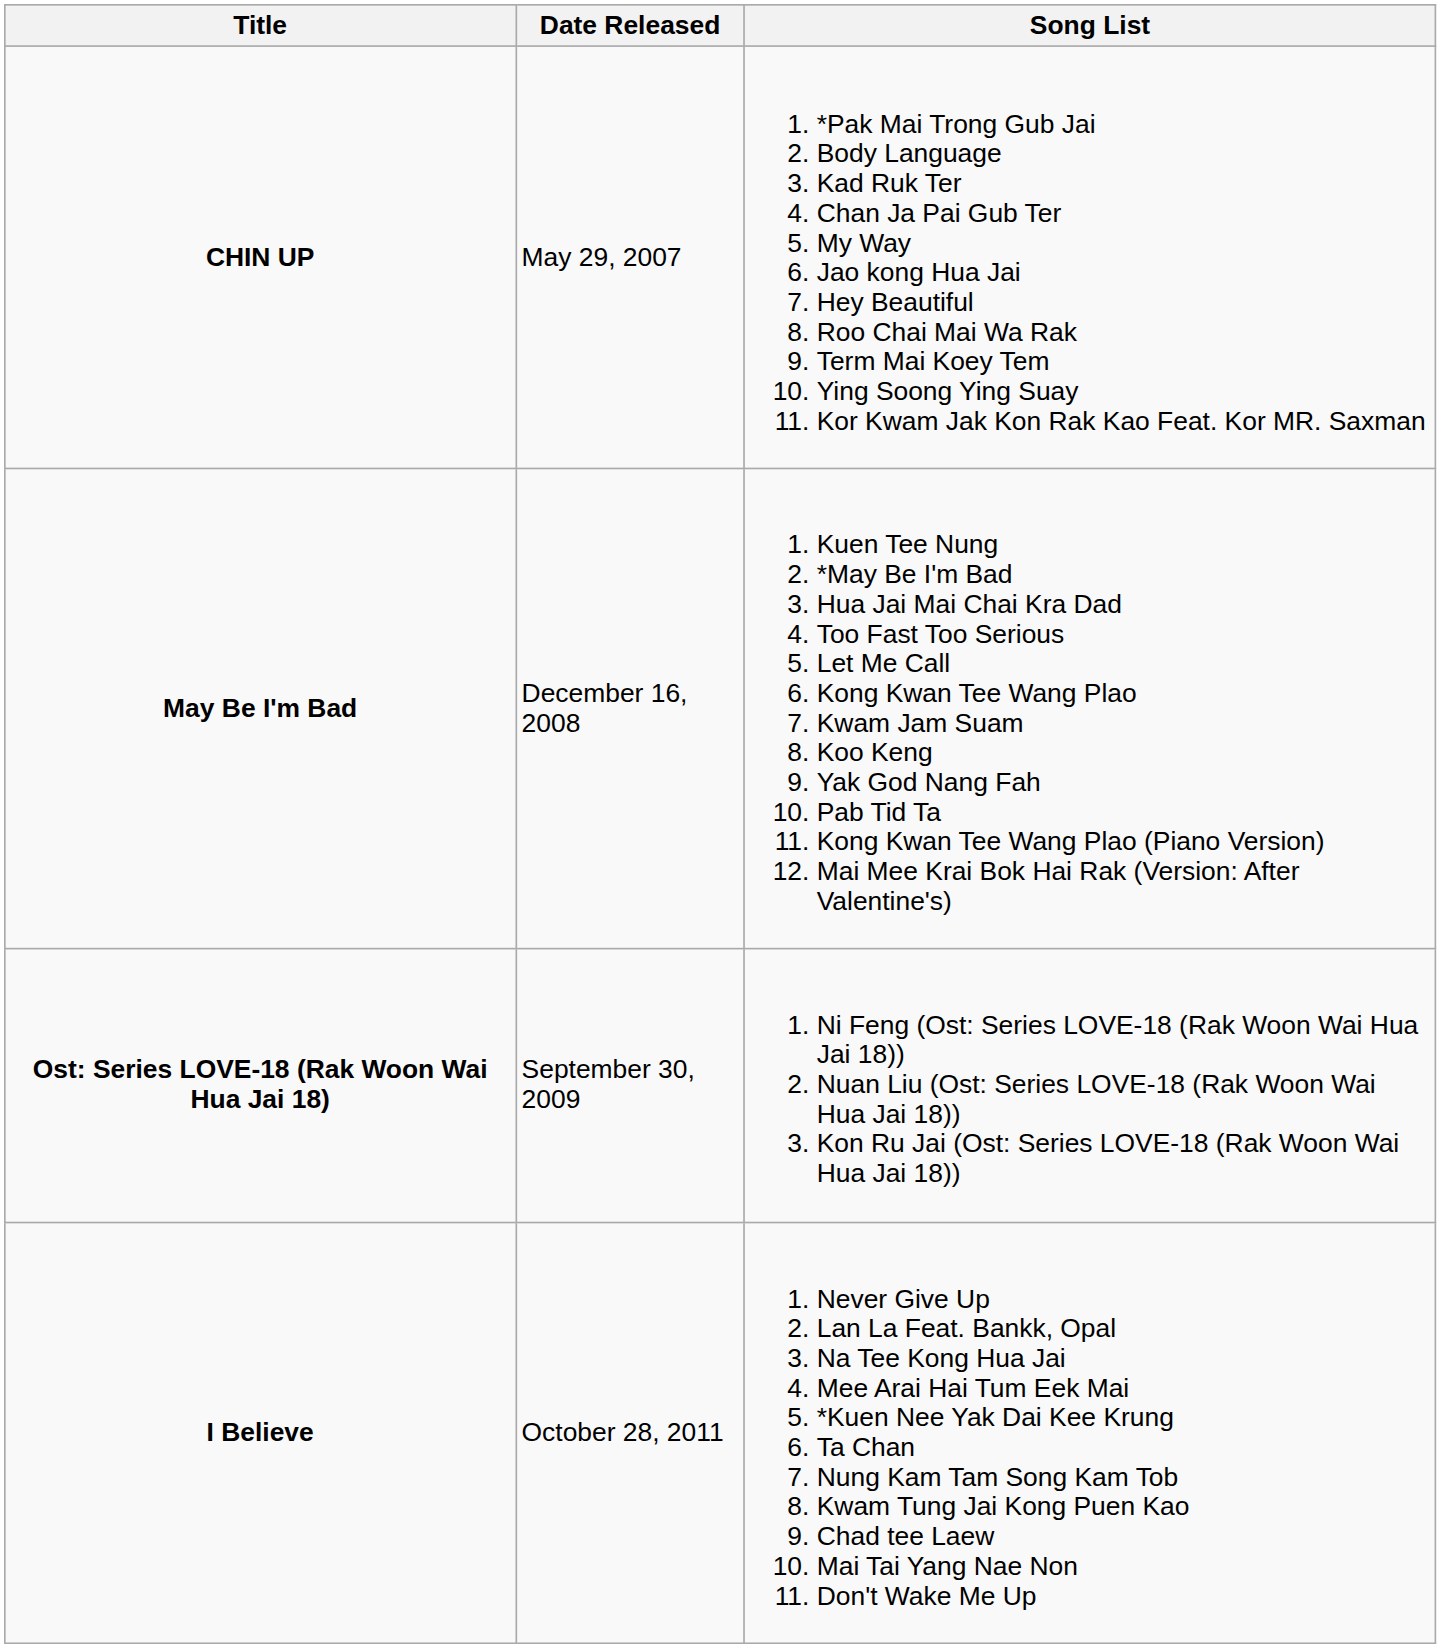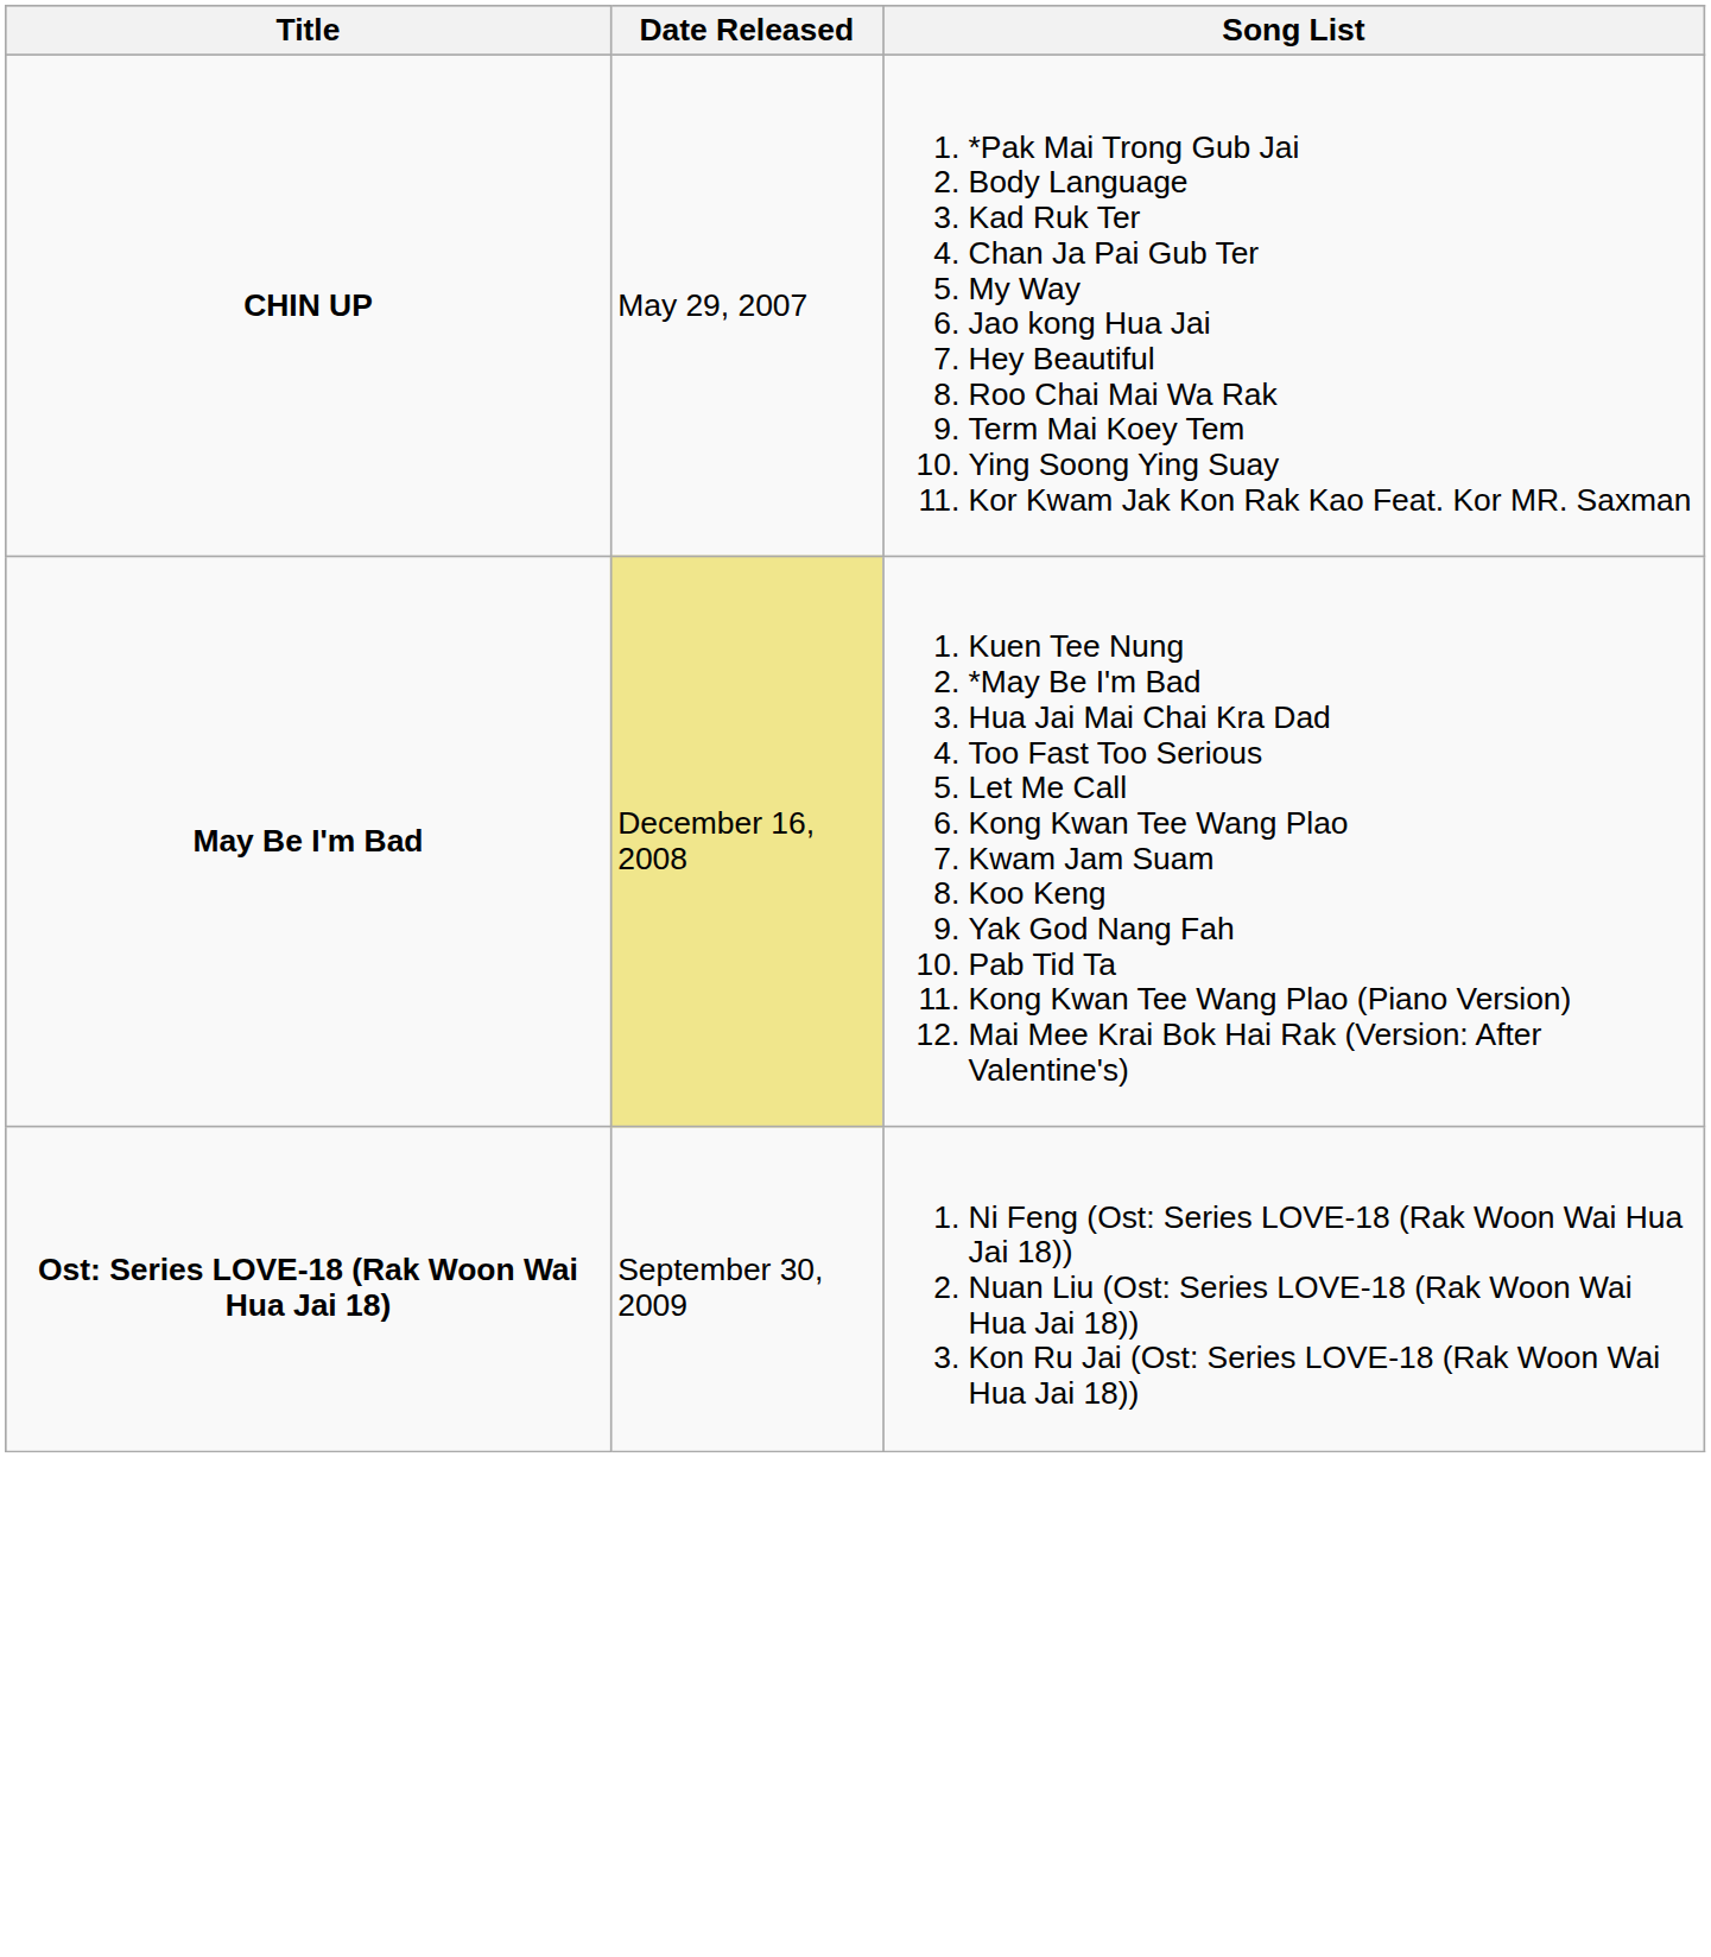 <table class="wikitable">
 <tr>
 <th>Title</th>
 <th>Date Released</th>
 <th>Song List</th>
 </tr>
 <tr>
 <td align="center"><strong>CHIN UP</strong></td>
 <td>May 29, 2007</td>
 <td><br><ol><li>*Pak Mai Trong Gub Jai</li><li>Body Language</li><li>Kad Ruk Ter</li><li>Chan Ja Pai Gub Ter</li><li>My Way</li><li>Jao kong Hua Jai</li><li>Hey Beautiful</li><li>Roo Chai Mai Wa Rak</li><li>Term Mai Koey Tem</li><li>Ying Soong Ying Suay</li><li>Kor Kwam Jak Kon Rak Kao Feat. Kor MR. Saxman</li></ol></td>
 </tr>
 <tr>
 <td align="center"><strong>May Be I'm Bad</strong></td>
-<td>December 16, 2008</td>
+<td style="background: khaki;">December 16, 2008</td>
 <td><br><ol><li>Kuen Tee Nung</li><li>*May Be I'm Bad</li><li>Hua Jai Mai Chai Kra Dad</li><li>Too Fast Too Serious</li><li>Let Me Call</li><li>Kong Kwan Tee Wang Plao</li><li>Kwam Jam Suam</li><li>Koo Keng</li><li>Yak God Nang Fah</li><li>Pab Tid Ta</li><li>Kong Kwan Tee Wang Plao (Piano Version)</li><li>Mai Mee Krai Bok Hai Rak (Version: After Valentine's)</li></ol></td>
 </tr>
 <tr>
 <td align="center"><strong>Ost: Series LOVE-18 (Rak Woon Wai Hua Jai 18)</strong></td>
 <td>September 30, 2009</td>
 <td><br><ol><li>Ni Feng (Ost: Series LOVE-18 (Rak Woon Wai Hua Jai 18))</li><li>Nuan Liu (Ost: Series LOVE-18 (Rak Woon Wai Hua Jai 18))</li><li>Kon Ru Jai (Ost: Series LOVE-18 (Rak Woon Wai Hua Jai 18))</li></ol></td>
 </tr>
-<tr>
-<td align="center"><strong>I Believe</strong></td>
-<td>October 28, 2011</td>
-<td><br><ol><li>Never Give Up</li><li>Lan La Feat. Bankk, Opal</li><li>Na Tee Kong Hua Jai</li><li>Mee Arai Hai Tum Eek Mai</li><li>*Kuen Nee Yak Dai Kee Krung</li><li>Ta Chan</li><li>Nung Kam Tam Song Kam Tob</li><li>Kwam Tung Jai Kong Puen Kao</li><li>Chad tee Laew</li><li>Mai Tai Yang Nae Non</li><li>Don't Wake Me Up</li></ol></td>
-</tr>
 </table>
